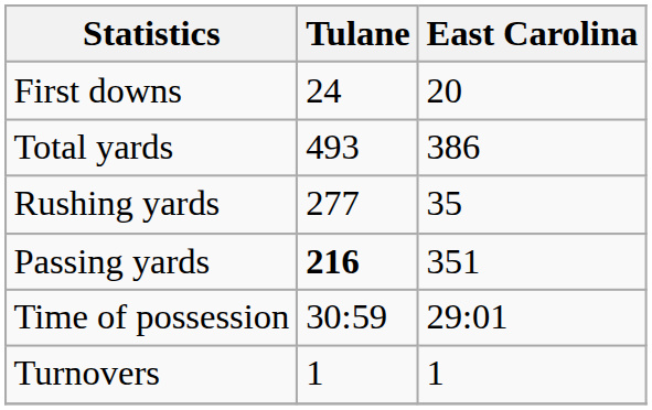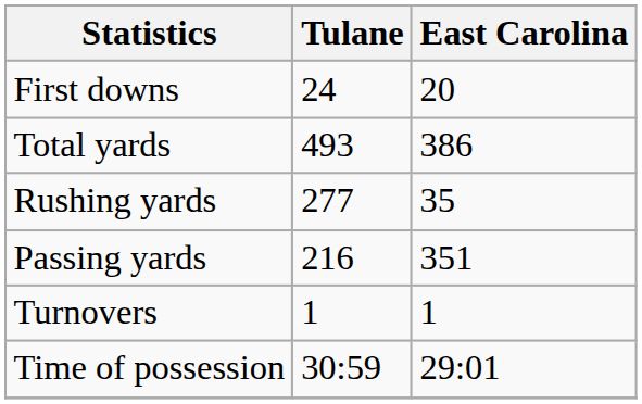 <table class="wikitable">
 <tr>
 <th>Statistics</th>
 <th>Tulane</th>
 <th>East Carolina</th>
 </tr>
 <tr>
 <td>First downs</td>
 <td>24</td>
 <td>20</td>
 </tr>
 <tr>
 <td>Total yards</td>
 <td>493</td>
 <td>386</td>
 </tr>
 <tr>
 <td>Rushing yards</td>
 <td>277</td>
 <td>35</td>
 </tr>
 <tr>
 <td>Passing yards</td>
-<td><strong>216</strong></td>
+<td>216</td>
 <td>351</td>
+</tr>
+<tr>
+<td>Turnovers</td>
+<td>1</td>
+<td>1</td>
 </tr>
 <tr>
 <td>Time of possession</td>
 <td>30:59</td>
 <td>29:01</td>
 </tr>
 <tr>
-<td>Turnovers</td>
-<td>1</td>
-<td>1</td>
-</tr>
-<tr>
 </tr>
 </table>
